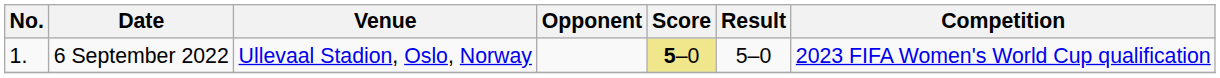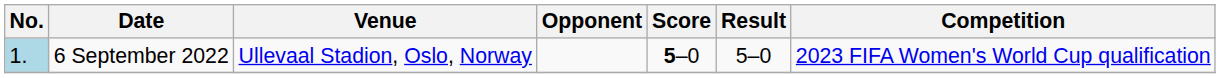 <table class="wikitable">
 <tr>
 <th>No.</th>
 <th>Date</th>
 <th>Venue</th>
 <th>Opponent</th>
 <th>Score</th>
 <th>Result</th>
 <th>Competition</th>
 </tr>
 <tr>
-<td>1.</td>
+<td style="background: lightblue;">1.</td>
 <td>6 September 2022</td>
 <td><a href='#'>Ullevaal Stadion</a>, <a href='#'>Oslo</a>, <a href='#'>Norway</a></td>
 <td></td>
-<td align=center style="background: khaki;"><strong>5</strong>–0</td>
+<td align=center><strong>5</strong>–0</td>
 <td align=center>5–0</td>
 <td><a href='#'>2023 FIFA Women's World Cup qualification</a></td>
 </tr>
 <tr>
 </tr>
 </table>
